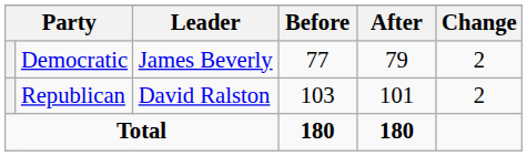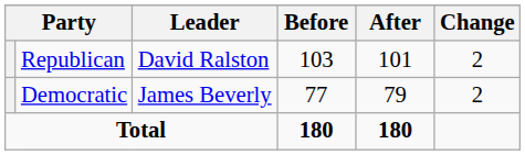 <table class="wikitable" style="text-align:center;">
 <tr>
 </tr>
 <tr>
 <th colspan=2>Party</th>
 <th>Leader</th>
 <th style="width:3em">Before</th>
 <th style="width:3em">After</th>
 <th style="width:3em">Change</th>
 </tr>
 <tr>
 <th style="background-color:"></th>
+<td style="text-align:left;"><a href='#'>Republican</a></td>
+<td style="text-align:left;"><a href='#'>David Ralston</a></td>
+<td>103</td>
+<td>101</td>
+<td> 2</td>
+</tr>
+<tr>
+<th style="background-color:"></th>
 <td style="text-align:left;"><a href='#'>Democratic</a></td>
 <td style="text-align:left;"><a href='#'>James Beverly</a></td>
 <td>77</td>
 <td>79</td>
-<td> 2</td>
-</tr>
-<tr>
-<th style="background-color:"></th>
-<td style="text-align:left;"><a href='#'>Republican</a></td>
-<td style="text-align:left;"><a href='#'>David Ralston</a></td>
-<td>103</td>
-<td>101</td>
 <td> 2</td>
 </tr>
 <tr>
 <td colspan=3><strong>Total</strong></td>
 <td><strong>180</strong></td>
 <td><strong>180</strong></td>
 <td></td>
 </tr>
 </table>
